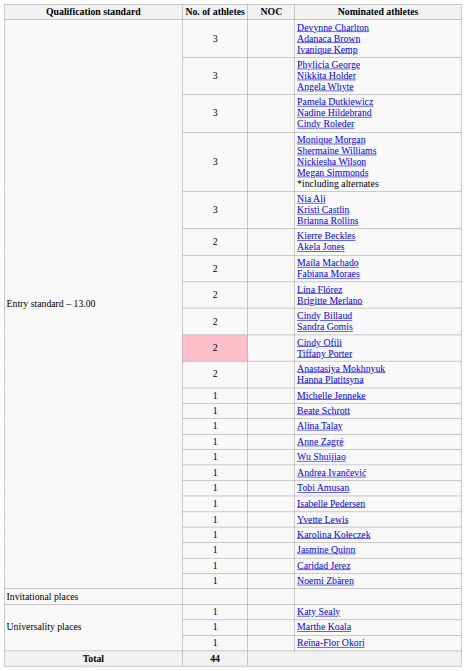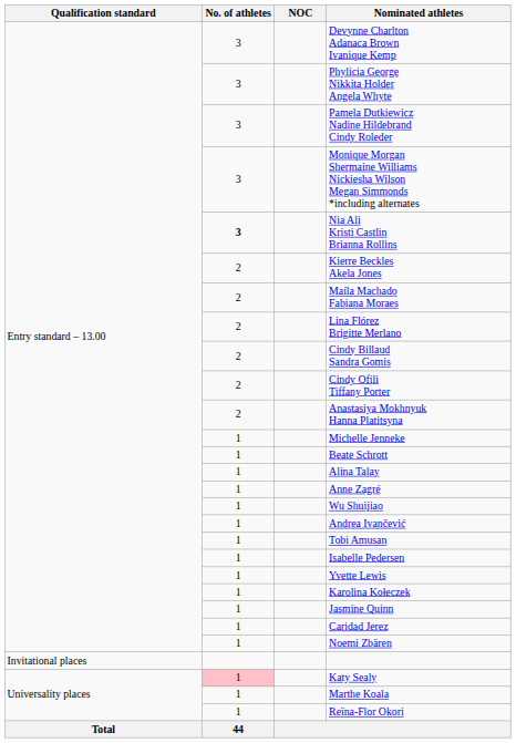 <table class="wikitable"  style="text-align:left; width:750px;">
 <tr>
 <th>Qualification standard</th>
 <th width=100>No. of athletes</th>
 <th>NOC</th>
 <th>Nominated athletes</th>
 </tr>
 <tr>
 <td rowspan=24>Entry standard – 13.00</td>
 <td style="text-align:center;">3</td>
 <td></td>
 <td><a href='#'>Devynne Charlton</a><br><a href='#'>Adanaca Brown</a><br><a href='#'>Ivanique Kemp</a></td>
 </tr>
 <tr>
 <td style="text-align:center;">3</td>
 <td></td>
 <td><a href='#'>Phylicia George</a><br><a href='#'>Nikkita Holder</a><br><a href='#'>Angela Whyte</a></td>
 </tr>
 <tr>
 <td style="text-align:center;">3</td>
 <td></td>
 <td><a href='#'>Pamela Dutkiewicz</a><br><a href='#'>Nadine Hildebrand</a><br><a href='#'>Cindy Roleder</a></td>
 </tr>
 <tr>
 <td style="text-align:center;">3</td>
 <td></td>
 <td><a href='#'>Monique Morgan</a><br><a href='#'>Shermaine Williams</a><br><a href='#'>Nickiesha Wilson</a><br><a href='#'>Megan Simmonds</a><br>*including alternates</td>
 </tr>
 <tr>
-<td style="text-align:center;">3</td>
+<td style="text-align:center;"><strong>3</strong></td>
 <td></td>
 <td><a href='#'>Nia Ali</a><br><a href='#'>Kristi Castlin</a><br><a href='#'>Brianna Rollins</a></td>
 </tr>
 <tr>
 <td style="text-align:center;">2</td>
 <td></td>
 <td><a href='#'>Kierre Beckles</a><br><a href='#'>Akela Jones</a></td>
 </tr>
 <tr>
 <td style="text-align:center;">2</td>
 <td></td>
 <td><a href='#'>Maíla Machado</a><br><a href='#'>Fabiana Moraes</a></td>
 </tr>
 <tr>
 <td style="text-align:center;">2</td>
 <td></td>
 <td><a href='#'>Lina Flórez</a><br><a href='#'>Brigitte Merlano</a></td>
 </tr>
 <tr>
 <td style="text-align:center;">2</td>
 <td></td>
 <td><a href='#'>Cindy Billaud</a><br><a href='#'>Sandra Gomis</a></td>
 </tr>
 <tr>
-<td style="background: pink; text-align:center;">2</td>
+<td style="text-align:center;">2</td>
 <td></td>
 <td><a href='#'>Cindy Ofili</a><br><a href='#'>Tiffany Porter</a></td>
 </tr>
 <tr>
 <td style="text-align:center;">2</td>
 <td></td>
 <td><a href='#'>Anastasiya Mokhnyuk</a><br><a href='#'>Hanna Platitsyna</a></td>
 </tr>
 <tr>
 <td style="text-align:center;">1</td>
 <td></td>
 <td><a href='#'>Michelle Jenneke</a> </td>
 </tr>
 <tr>
 <td style="text-align:center;">1</td>
 <td></td>
 <td><a href='#'>Beate Schrott</a></td>
 </tr>
 <tr>
 <td style="text-align:center;">1</td>
 <td></td>
 <td><a href='#'>Alina Talay</a></td>
 </tr>
 <tr>
 <td style="text-align:center;">1</td>
 <td></td>
 <td><a href='#'>Anne Zagré</a></td>
 </tr>
 <tr>
 <td style="text-align:center;">1</td>
 <td></td>
 <td><a href='#'>Wu Shuijiao</a></td>
 </tr>
 <tr>
 <td style="text-align:center;">1</td>
 <td></td>
 <td><a href='#'>Andrea Ivančević</a></td>
 </tr>
 <tr>
 <td style="text-align:center;">1</td>
 <td></td>
 <td><a href='#'>Tobi Amusan</a></td>
 </tr>
 <tr>
 <td style="text-align:center;">1</td>
 <td></td>
 <td><a href='#'>Isabelle Pedersen</a></td>
 </tr>
 <tr>
 <td style="text-align:center;">1</td>
 <td></td>
 <td><a href='#'>Yvette Lewis</a></td>
 </tr>
 <tr>
 <td style="text-align:center;">1</td>
 <td></td>
 <td><a href='#'>Karolina Kołeczek</a></td>
 </tr>
 <tr>
 <td style="text-align:center;">1</td>
 <td></td>
 <td><a href='#'>Jasmine Quinn</a></td>
 </tr>
 <tr>
 <td style="text-align:center;">1</td>
 <td></td>
 <td><a href='#'>Caridad Jerez</a></td>
 </tr>
 <tr>
 <td style="text-align:center;">1</td>
 <td></td>
 <td><a href='#'>Noemi Zbären</a></td>
 </tr>
 <tr>
 <td>Invitational places</td>
 <td></td>
 <td></td>
 <td></td>
 </tr>
 <tr>
 <td rowspan=3>Universality places</td>
-<td style="text-align:center;">1</td>
+<td style="background: pink; text-align:center;">1</td>
 <td></td>
 <td><a href='#'>Katy Sealy</a></td>
 </tr>
 <tr>
 <td style="text-align:center;">1</td>
 <td></td>
 <td><a href='#'>Marthe Koala</a></td>
 </tr>
 <tr>
 <td style="text-align:center;">1</td>
 <td></td>
 <td><a href='#'>Reïna-Flor Okori</a></td>
 </tr>
 <tr>
 <th>Total</th>
 <th>44</th>
 <th colspan=2></th>
 </tr>
 </table>
